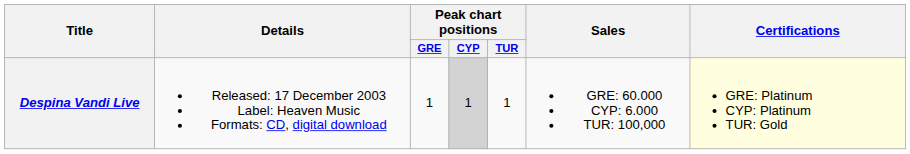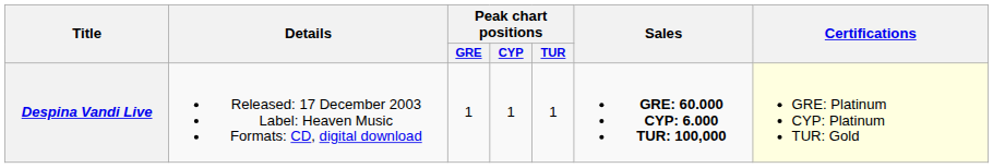 <table class="wikitable plainrowheaders" style="text-align:center;">
 <tr>
 <th scope="col" rowspan="2" style="width:11em;">Title</th>
 <th scope="col" rowspan="2" style="width:19em;">Details</th>
 <th scope="col" colspan="3">Peak chart positions</th>
 <th scope="col" rowspan="2" style="width:12em;">Sales</th>
 <th scope="col" rowspan="2" style="width:16em;"><a href='#'>Certifications</a></th>
 </tr>
 <tr>
 <th style="width:3em;font-size:85%"><a href='#'>GRE</a></th>
 <th style="width:3em;font-size:85%"><a href='#'>CYP</a></th>
 <th style="width:3em;font-size:85%"><a href='#'>TUR</a></th>
 </tr>
 <tr>
 <th scope="row"><em><a href='#'>Despina Vandi Live</a></em></th>
 <td><br><ul><li>Released: 17 December 2003</li><li>Label: Heaven Music</li><li>Formats: <a href='#'>CD</a>, <a href='#'>digital download</a></li></ul></td>
 <td>1</td>
-<td style="background: lightgrey;">1</td>
 <td>1</td>
-<td><br><ul><li>GRE:  60.000</li><li>CYP:   6.000</li><li>TUR: 100,000</li></ul></td>
+<td>1</td>
+<td><strong><br><ul><li>GRE:  60.000</li><li>CYP:   6.000</li><li>TUR: 100,000</li></ul></strong></td>
 <td align="left" style="background: lightyellow;"><br><ul><li>GRE: Platinum</li><li>CYP: Platinum</li><li>TUR: Gold</li></ul></td>
 </tr>
 </table>
